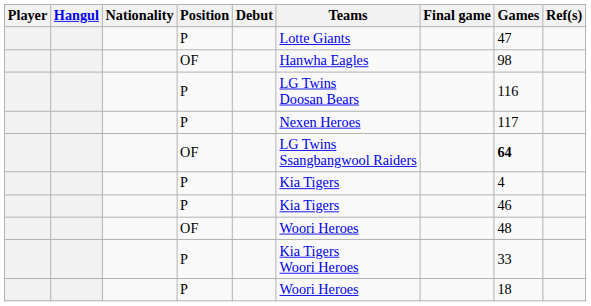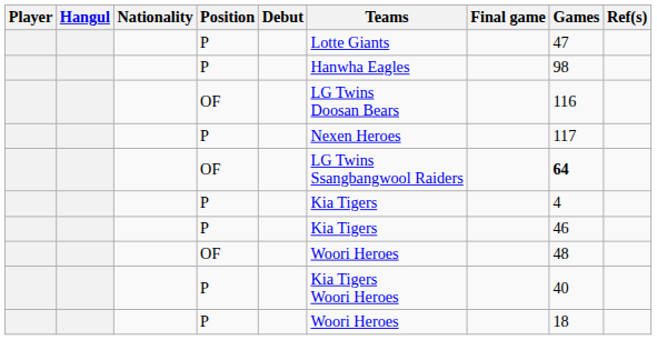 <table class="wikitable sortable plainrowheaders">
 <tr>
 <th scope="col">Player</th>
 <th scope="col"><a href='#'>Hangul</a></th>
 <th scope="col">Nationality</th>
 <th scope="col">Position</th>
 <th scope="col">Debut</th>
 <th scope="col">Teams</th>
 <th scope="col">Final game</th>
 <th scope="col">Games</th>
 <th scope="col" class="unsortable">Ref(s)</th>
 </tr>
 <tr>
 <th scope="row"></th>
 <th scope="row"></th>
 <td></td>
 <td>P</td>
 <td></td>
 <td><a href='#'>Lotte Giants</a></td>
 <td></td>
 <td>47</td>
 <td></td>
 </tr>
 <tr>
 <th scope="row"></th>
 <th scope="row"></th>
 <td></td>
-<td>OF</td>
+<td>P</td>
 <td></td>
 <td><a href='#'>Hanwha Eagles</a></td>
 <td></td>
 <td>98</td>
 <td></td>
 </tr>
 <tr>
 <th scope="row"></th>
 <th scope="row"></th>
 <td></td>
-<td>P</td>
+<td>OF</td>
 <td></td>
 <td><a href='#'>LG Twins</a><br><a href='#'>Doosan Bears</a></td>
 <td></td>
 <td>116</td>
 <td></td>
 </tr>
 <tr>
 <th scope="row"></th>
 <th scope="row"></th>
 <td></td>
 <td>P</td>
 <td></td>
 <td><a href='#'>Nexen Heroes</a></td>
 <td></td>
 <td>117</td>
 <td></td>
 </tr>
 <tr>
 <th scope="row"></th>
 <th scope="row"></th>
 <td></td>
 <td>OF</td>
 <td></td>
 <td><a href='#'>LG Twins</a><br><a href='#'>Ssangbangwool Raiders</a></td>
 <td></td>
 <td><strong>64</strong></td>
 <td></td>
 </tr>
 <tr>
 <th scope="row"></th>
 <th scope="row"></th>
 <td></td>
 <td>P</td>
 <td></td>
 <td><a href='#'>Kia Tigers</a></td>
 <td></td>
 <td>4</td>
 <td></td>
 </tr>
 <tr>
 <th scope="row"></th>
 <th scope="row"></th>
 <td></td>
 <td>P</td>
 <td></td>
 <td><a href='#'>Kia Tigers</a></td>
 <td></td>
 <td>46</td>
 <td></td>
 </tr>
 <tr>
 <th scope="row"></th>
 <th scope="row"></th>
 <td></td>
 <td>OF</td>
 <td></td>
 <td><a href='#'>Woori Heroes</a></td>
 <td></td>
 <td>48</td>
 <td></td>
 </tr>
 <tr>
 <th scope="row"></th>
 <th scope="row"></th>
 <td></td>
 <td>P</td>
 <td></td>
 <td><a href='#'>Kia Tigers</a><br><a href='#'>Woori Heroes</a></td>
 <td></td>
-<td>33</td>
+<td>40</td>
 <td></td>
 </tr>
 <tr>
 <th scope="row"></th>
 <th scope="row"></th>
 <td></td>
 <td>P</td>
 <td></td>
 <td><a href='#'>Woori Heroes</a></td>
 <td></td>
 <td>18</td>
 <td></td>
 </tr>
 </table>
